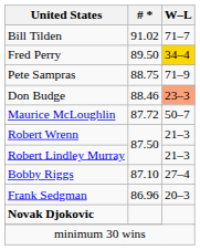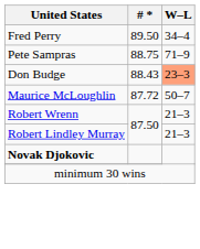 <table class=wikitable style="display:inline-table;">
 <tr>
 <th>United States</th>
 <th># *</th>
 <th>W–L</th>
 </tr>
 <tr>
-<td> Bill Tilden</td>
-<td>91.02</td>
-<td>71–7</td>
-</tr>
-<tr>
 <td> Fred Perry</td>
 <td>89.50</td>
-<td style="background: gold;">34–4</td>
+<td>34–4</td>
 </tr>
 <tr>
 <td> Pete Sampras</td>
 <td>88.75</td>
 <td>71–9</td>
 </tr>
 <tr>
 <td> Don Budge</td>
-<td>88.46</td>
+<td>88.43</td>
 <td style="background: lightsalmon;">23–3</td>
 </tr>
 <tr>
 <td> <a href='#'>Maurice McLoughlin</a></td>
 <td>87.72</td>
 <td>50–7</td>
 </tr>
 <tr>
 <td> <a href='#'>Robert Wrenn</a></td>
 <td rowspan=2>87.50</td>
 <td>21–3</td>
 </tr>
 <tr>
 <td> <a href='#'>Robert Lindley Murray</a></td>
 <td>21–3</td>
 </tr>
 <tr>
-<td> <a href='#'>Bobby Riggs</a></td>
-<td>87.10</td>
-<td>27–4</td>
-</tr>
-<tr>
-<td> <a href='#'>Frank Sedgman</a></td>
-<td>86.96</td>
-<td>20–3</td>
-</tr>
-<tr>
 <td> <strong>Novak Djokovic</strong></td>
 <td></td>
 </tr>
 <tr>
 </tr>
 <tr>
 <td colspan="3" style="text-align:center;">minimum 30 wins</td>
 </tr>
 </table>
